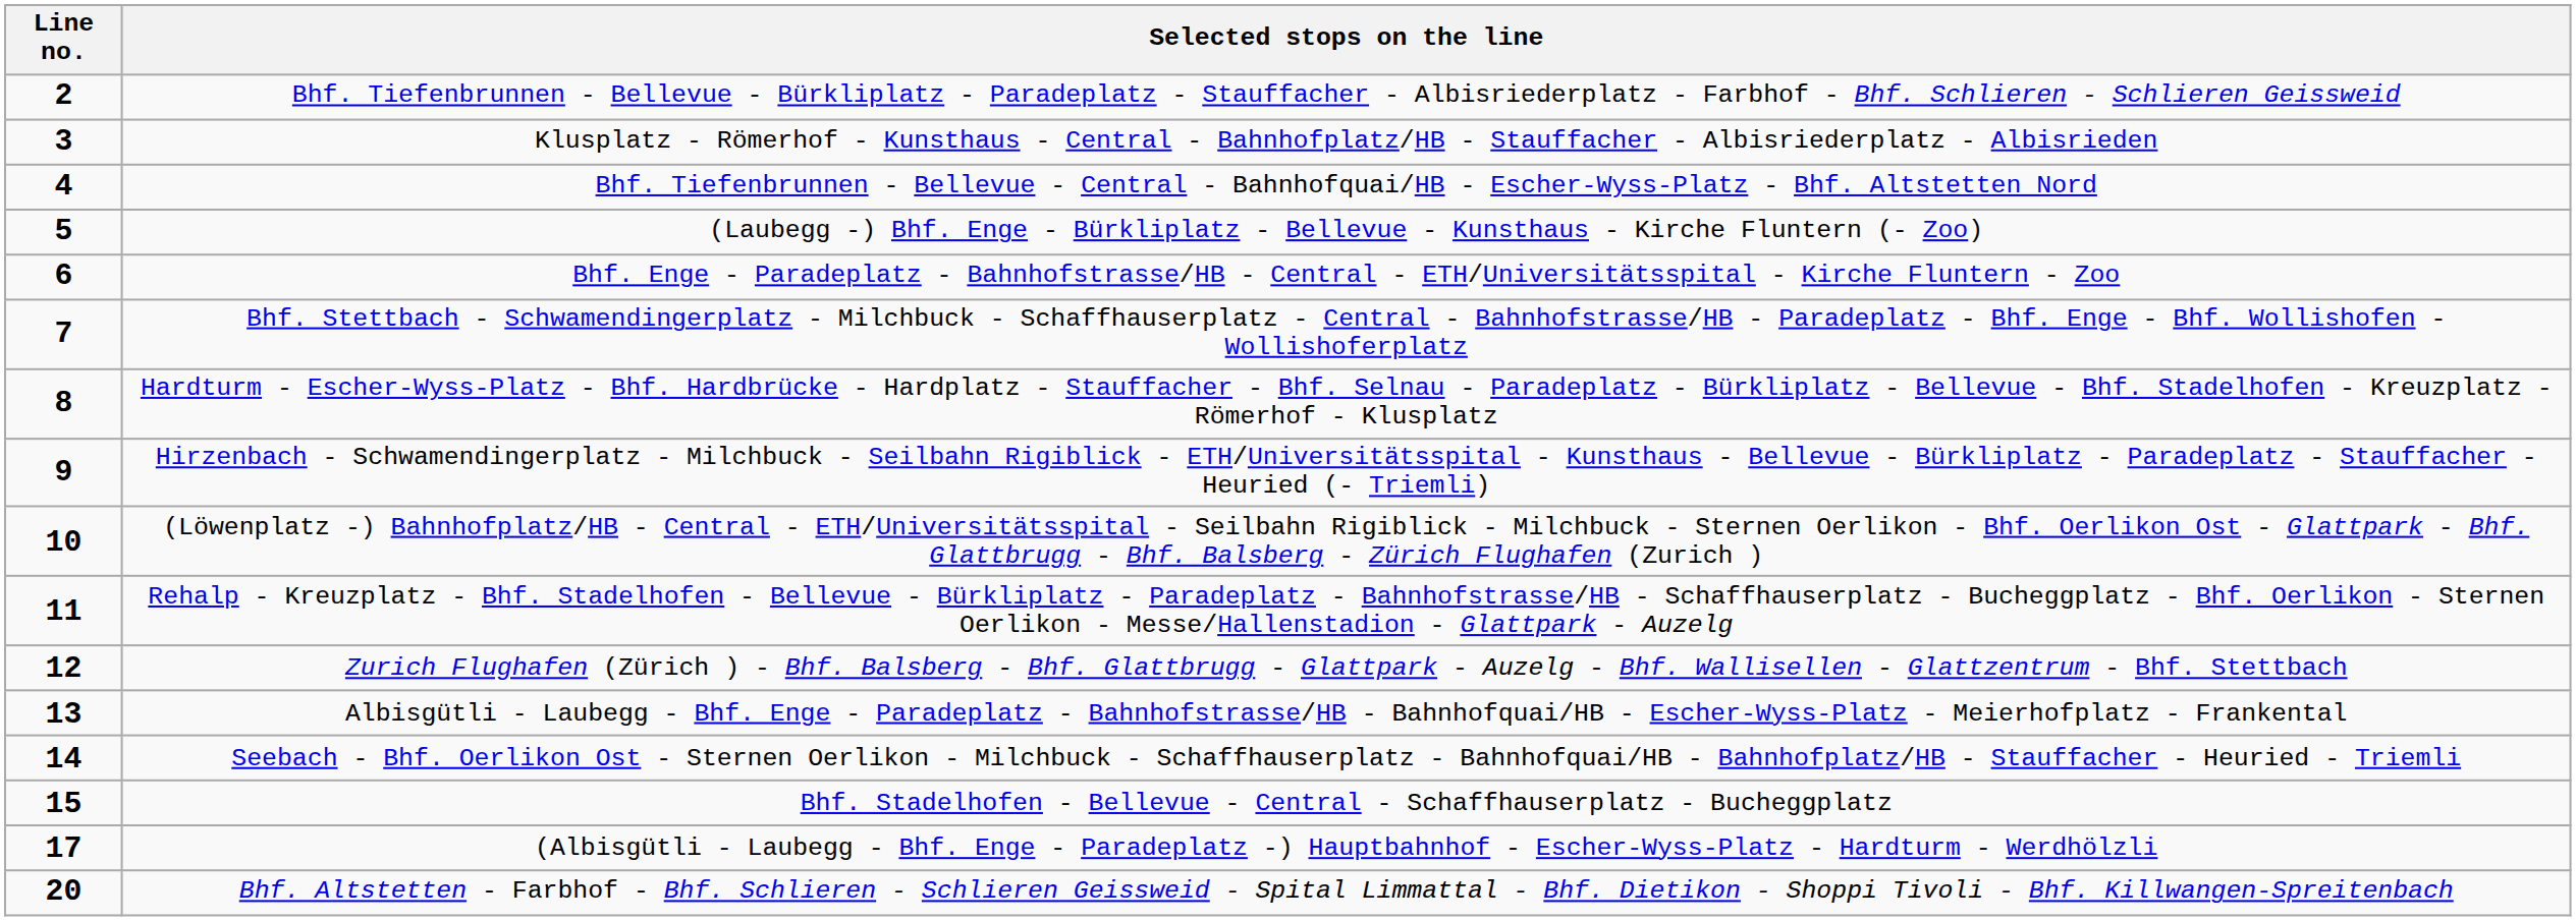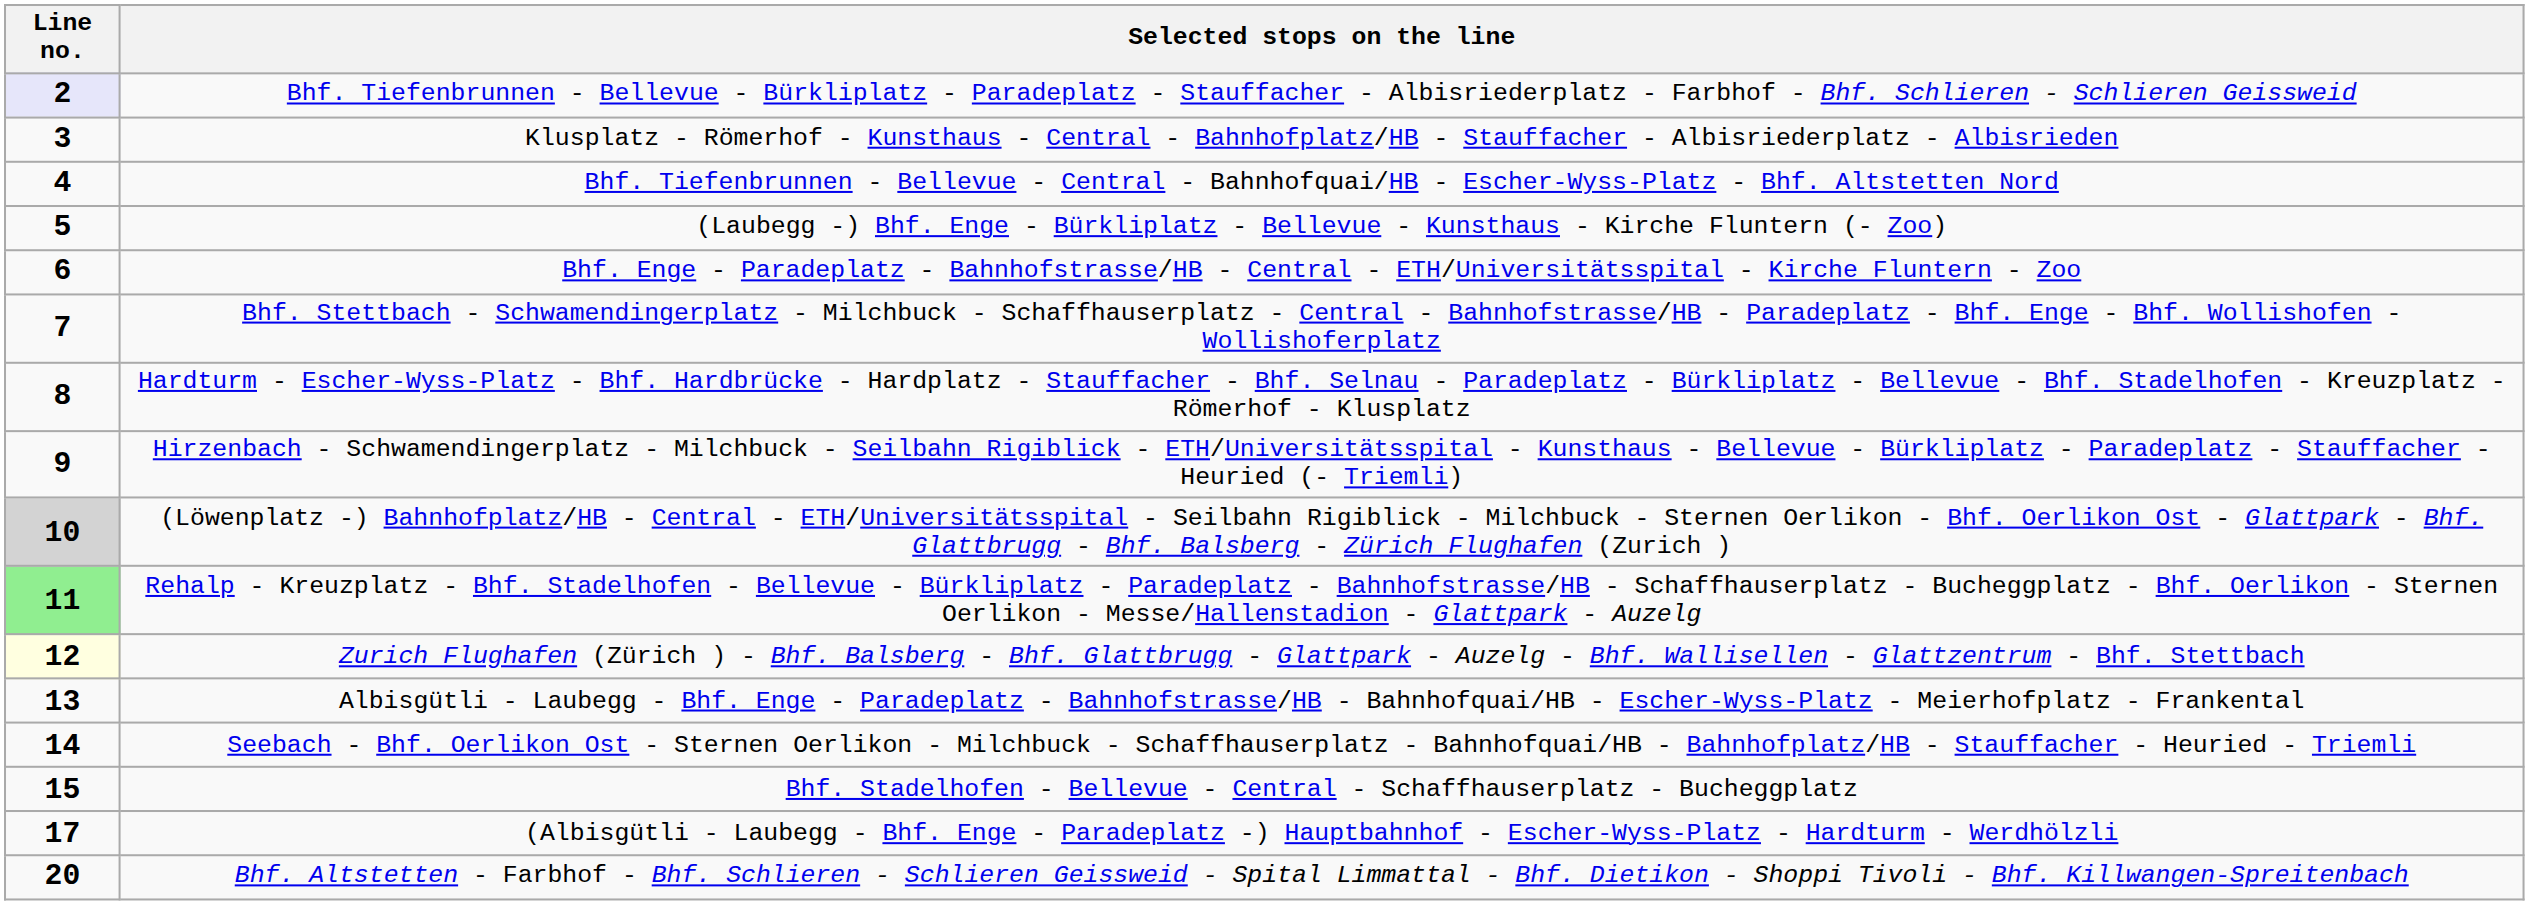 <table class="wikitable sortable" | border="1" cellspacing="0" cellpadding="3" style="border-collapse:collapse; font-size:95%; margin-right:10px; margin-bottom:5px">
 <tr>
 <th>Line no.</th>
 <th>Selected stops on the line</th>
 </tr>
 <tr align=center>
-<td><span><big><strong>2</strong></big></span></td>
+<td style="background: lavender;"><span><big><strong>2</strong></big></span></td>
 <td><a href='#'>Bhf. Tiefenbrunnen</a> - <a href='#'>Bellevue</a> - <a href='#'>Bürkliplatz</a> - <a href='#'>Paradeplatz</a> - <a href='#'>Stauffacher</a> - Albisriederplatz - Farbhof - <em><a href='#'>Bhf. Schlieren</a> - <a href='#'>Schlieren Geissweid</a></em></td>
 </tr>
 <tr align=center>
 <td><span><big><strong>3</strong></big></span></td>
 <td>Klusplatz - Römerhof - <a href='#'>Kunsthaus</a> - <a href='#'>Central</a> - <a href='#'>Bahnhofplatz</a>/<a href='#'>HB</a> - <a href='#'>Stauffacher</a> - Albisriederplatz - <a href='#'>Albisrieden</a></td>
 </tr>
 <tr align=center>
 <td><span><big><strong>4</strong></big></span></td>
 <td><a href='#'>Bhf. Tiefenbrunnen</a> - <a href='#'>Bellevue</a> - <a href='#'>Central</a> - Bahnhofquai/<a href='#'>HB</a> - <a href='#'>Escher-Wyss-Platz</a> - <a href='#'>Bhf. Altstetten Nord</a></td>
 </tr>
 <tr align=center>
 <td><span><big><strong>5</strong></big></span></td>
 <td>(Laubegg -) <a href='#'>Bhf. Enge</a> - <a href='#'>Bürkliplatz</a> - <a href='#'>Bellevue</a> - <a href='#'>Kunsthaus</a> - Kirche Fluntern (- <a href='#'>Zoo</a>)</td>
 </tr>
 <tr align=center>
 <td><span><big><strong>6</strong></big></span></td>
 <td><a href='#'>Bhf. Enge</a> - <a href='#'>Paradeplatz</a> - <a href='#'>Bahnhofstrasse</a>/<a href='#'>HB</a> - <a href='#'>Central</a> - <a href='#'>ETH</a>/<a href='#'>Universitätsspital</a> - <a href='#'>Kirche Fluntern</a> - <a href='#'>Zoo</a></td>
 </tr>
 <tr align=center>
 <td><span><big><strong>7</strong></big></span></td>
 <td><a href='#'>Bhf. Stettbach</a> - <a href='#'>Schwamendingerplatz</a> - Milchbuck - Schaffhauserplatz - <a href='#'>Central</a> - <a href='#'>Bahnhofstrasse</a>/<a href='#'>HB</a> - <a href='#'>Paradeplatz</a> - <a href='#'>Bhf. Enge</a> - <a href='#'>Bhf. Wollishofen</a> - <a href='#'>Wollishoferplatz</a></td>
 </tr>
 <tr align=center>
 <td><span><big><strong>8</strong></big></span></td>
 <td><a href='#'>Hardturm</a> - <a href='#'>Escher-Wyss-Platz</a> - <a href='#'>Bhf. Hardbrücke</a> - Hardplatz - <a href='#'>Stauffacher</a> - <a href='#'>Bhf. Selnau</a> - <a href='#'>Paradeplatz</a> - <a href='#'>Bürkliplatz</a> - <a href='#'>Bellevue</a> - <a href='#'>Bhf. Stadelhofen</a> - Kreuzplatz - Römerhof - Klusplatz</td>
 </tr>
 <tr align=center>
 <td><span><big><strong>9</strong></big></span></td>
 <td><a href='#'>Hirzenbach</a> - Schwamendingerplatz - Milchbuck - <a href='#'>Seilbahn Rigiblick</a> - <a href='#'>ETH</a>/<a href='#'>Universitätsspital</a> - <a href='#'>Kunsthaus</a> - <a href='#'>Bellevue</a> - <a href='#'>Bürkliplatz</a> - <a href='#'>Paradeplatz</a> - <a href='#'>Stauffacher</a> - Heuried (- <a href='#'>Triemli</a>)</td>
 </tr>
 <tr align=center>
-<td><span><big><strong>10</strong></big></span></td>
+<td style="background: lightgrey;"><span><big><strong>10</strong></big></span></td>
 <td>(Löwenplatz -) <a href='#'>Bahnhofplatz</a>/<a href='#'>HB</a> - <a href='#'>Central</a> - <a href='#'>ETH</a>/<a href='#'>Universitätsspital</a> - Seilbahn Rigiblick - Milchbuck - Sternen Oerlikon - <a href='#'>Bhf. Oerlikon Ost</a> - <em><a href='#'>Glattpark</a></em> - <em><a href='#'>Bhf. Glattbrugg</a></em> - <em><a href='#'>Bhf. Balsberg</a></em> - <em><a href='#'>Zürich Flughafen</a></em> (Zurich )</td>
 </tr>
 <tr align=center>
-<td><span><big><strong>11</strong></big></span></td>
+<td style="background: lightgreen;"><span><big><strong>11</strong></big></span></td>
 <td><a href='#'>Rehalp</a> - Kreuzplatz - <a href='#'>Bhf. Stadelhofen</a> - <a href='#'>Bellevue</a> - <a href='#'>Bürkliplatz</a> - <a href='#'>Paradeplatz</a> - <a href='#'>Bahnhofstrasse</a>/<a href='#'>HB</a>  - Schaffhauserplatz - Bucheggplatz - <a href='#'>Bhf. Oerlikon</a> - Sternen Oerlikon - Messe/<a href='#'>Hallenstadion</a> - <em><a href='#'>Glattpark</a></em> - <em>Auzelg</em></td>
 </tr>
 <tr align=center>
-<td><span><big><strong>12</strong></big></span></td>
+<td style="background: lightyellow;"><span><big><strong>12</strong></big></span></td>
 <td><em><a href='#'>Zurich Flughafen</a></em> (Zürich ) - <em><a href='#'>Bhf. Balsberg</a></em> - <em><a href='#'>Bhf. Glattbrugg</a></em> - <em><a href='#'>Glattpark</a></em> - <em>Auzelg</em> - <em><a href='#'>Bhf. Wallisellen</a></em> - <em><a href='#'>Glattzentrum</a></em> - <a href='#'>Bhf. Stettbach</a></td>
 </tr>
 <tr align=center>
 <td><span><big><strong>13</strong></big></span></td>
 <td>Albisgütli - Laubegg - <a href='#'>Bhf. Enge</a> - <a href='#'>Paradeplatz</a> - <a href='#'>Bahnhofstrasse</a>/<a href='#'>HB</a> - Bahnhofquai/HB - <a href='#'>Escher-Wyss-Platz</a> - Meierhofplatz - Frankental</td>
 </tr>
 <tr align=center>
 <td><span><big><strong>14</strong></big></span></td>
 <td><a href='#'>Seebach</a> - <a href='#'>Bhf. Oerlikon Ost</a> - Sternen Oerlikon - Milchbuck - Schaffhauserplatz - Bahnhofquai/HB - <a href='#'>Bahnhofplatz</a>/<a href='#'>HB</a> - <a href='#'>Stauffacher</a> - Heuried - <a href='#'>Triemli</a></td>
 </tr>
 <tr align=center>
 <td><span><big><strong>15</strong></big></span></td>
 <td><a href='#'>Bhf. Stadelhofen</a> - <a href='#'>Bellevue</a> - <a href='#'>Central</a> - Schaffhauserplatz - Bucheggplatz</td>
 </tr>
 <tr align=center>
 <td><span><big><strong>17</strong></big></span></td>
 <td>(Albisgütli - Laubegg - <a href='#'>Bhf. Enge</a> - <a href='#'>Paradeplatz</a> -) <a href='#'>Hauptbahnhof</a> - <a href='#'>Escher-Wyss-Platz</a> - <a href='#'>Hardturm</a> - <a href='#'>Werdhölzli</a></td>
 </tr>
 <tr align=center>
 <td><span><big><strong>20</strong></big></span></td>
 <td><em><a href='#'>Bhf. Altstetten</a></em> - Farbhof - <em><a href='#'>Bhf. Schlieren</a> - <a href='#'>Schlieren Geissweid</a> - Spital Limmattal - <a href='#'>Bhf. Dietikon</a> - Shoppi Tivoli - <a href='#'>Bhf. Killwangen-Spreitenbach</a></em></td>
 </tr>
 </table>
